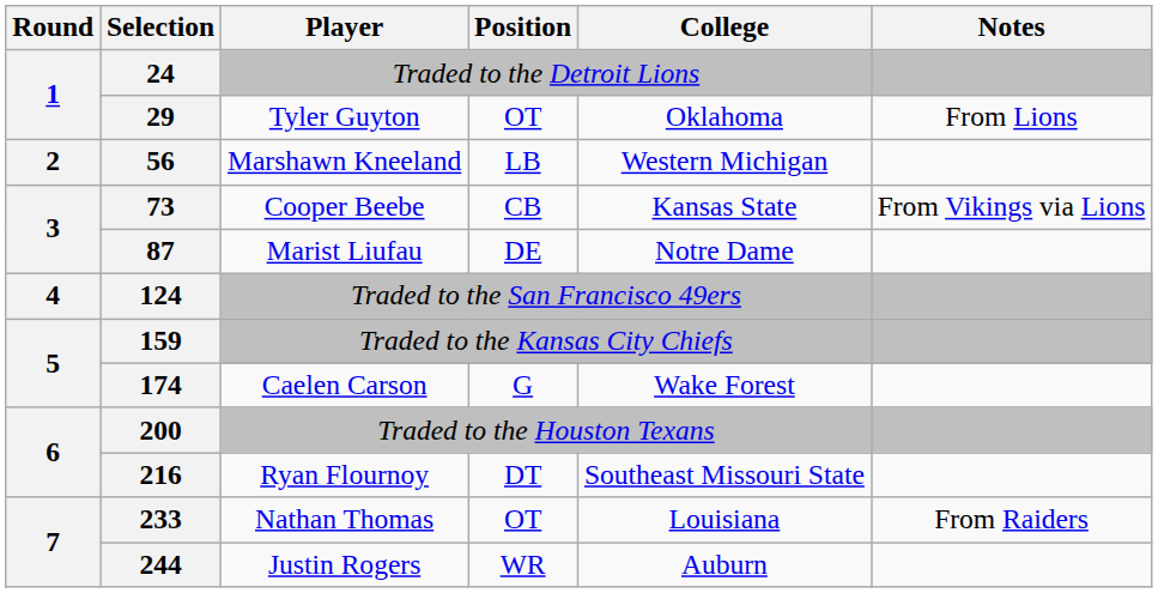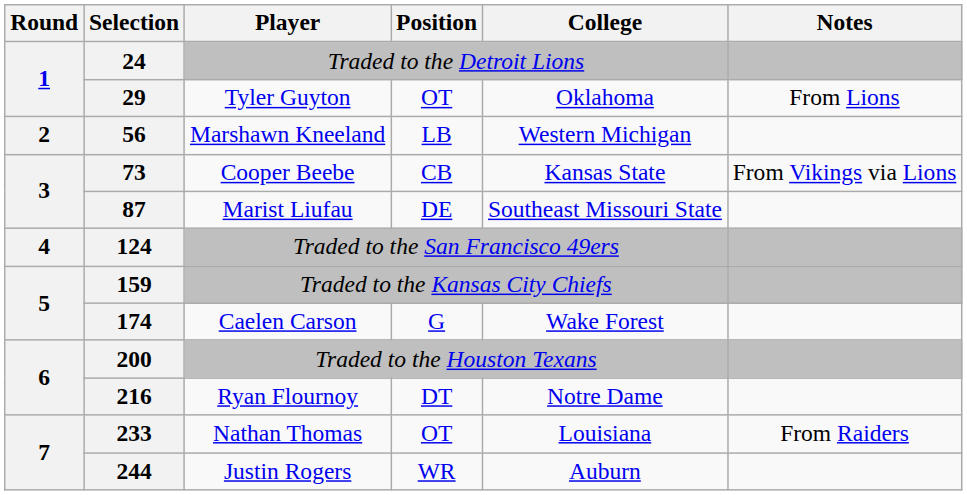 <table class="wikitable" style="text-align:center">
 <tr>
 <th>Round</th>
 <th>Selection</th>
 <th>Player</th>
 <th>Position</th>
 <th>College</th>
 <th>Notes</th>
 </tr>
 <tr>
 <th rowspan="2"><a href='#'>1</a></th>
 <th>24</th>
 <td colspan="3" style="background:#BFBFBF"><em>Traded to the <a href='#'>Detroit Lions</a></em></td>
 <td style="background:#BFBFBF"></td>
 </tr>
 <tr>
 <th>29</th>
 <td><a href='#'>Tyler Guyton</a></td>
 <td><a href='#'>OT</a></td>
 <td><a href='#'>Oklahoma</a></td>
 <td>From <a href='#'>Lions</a></td>
 </tr>
 <tr>
 <th>2</th>
 <th>56</th>
 <td><a href='#'>Marshawn Kneeland</a></td>
 <td><a href='#'>LB</a></td>
 <td><a href='#'>Western Michigan</a></td>
 <td></td>
 </tr>
 <tr>
 <th rowspan="2">3</th>
 <th>73</th>
 <td><a href='#'>Cooper Beebe</a></td>
 <td><a href='#'>CB</a></td>
 <td><a href='#'>Kansas State</a></td>
 <td>From <a href='#'>Vikings</a> via <a href='#'>Lions</a></td>
 </tr>
 <tr>
 <th>87</th>
 <td><a href='#'>Marist Liufau</a></td>
 <td><a href='#'>DE</a></td>
-<td><a href='#'>Notre Dame</a></td>
+<td><a href='#'>Southeast Missouri State</a></td>
 <td></td>
 </tr>
 <tr>
 <th>4</th>
 <th>124</th>
 <td colspan="3" style="background:#BFBFBF"><em>Traded to the <a href='#'>San Francisco 49ers</a></em></td>
 <td style="background:#BFBFBF"></td>
 </tr>
 <tr>
 <th rowspan="2">5</th>
 <th>159</th>
 <td colspan="3" style="background:#BFBFBF"><em>Traded to the <a href='#'>Kansas City Chiefs</a></em></td>
 <td style="background:#BFBFBF"></td>
 </tr>
 <tr>
 <th>174</th>
 <td><a href='#'>Caelen Carson</a></td>
 <td><a href='#'>G</a></td>
 <td><a href='#'>Wake Forest</a></td>
 <td></td>
 </tr>
 <tr>
 <th rowspan="2">6</th>
 <th>200</th>
 <td colspan="3" style="background:#BFBFBF"><em>Traded to the <a href='#'>Houston Texans</a></em></td>
 <td style="background:#BFBFBF"></td>
 </tr>
 <tr>
 <th>216</th>
 <td><a href='#'>Ryan Flournoy</a></td>
 <td><a href='#'>DT</a></td>
-<td><a href='#'>Southeast Missouri State</a></td>
+<td><a href='#'>Notre Dame</a></td>
 <td></td>
 </tr>
 <tr>
 <th rowspan="2">7</th>
 <th>233</th>
 <td><a href='#'>Nathan Thomas</a></td>
 <td><a href='#'>OT</a></td>
 <td><a href='#'>Louisiana</a></td>
 <td>From <a href='#'>Raiders</a></td>
 </tr>
 <tr>
 <th>244</th>
 <td><a href='#'>Justin Rogers</a></td>
 <td><a href='#'>WR</a></td>
 <td><a href='#'>Auburn</a></td>
 <td></td>
 </tr>
 </table>
